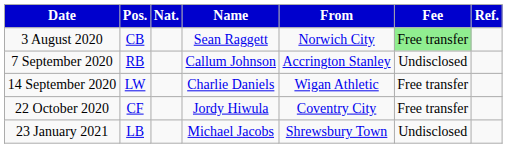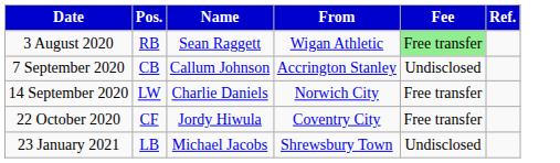 <table class="wikitable"  style="text-align:center; font-size:90%; ">
 <tr>
 <th style="background:mediumblue;color:white;">Date</th>
 <th style="background:mediumblue;color:white;">Pos.</th>
-<th style="background:mediumblue;color:white;">Nat.</th>
 <th style="background:mediumblue;color:white;">Name</th>
 <th style="background:mediumblue;color:white;">From</th>
 <th style="background:mediumblue;color:white;">Fee</th>
 <th style="background:mediumblue;color:white;">Ref.</th>
 </tr>
 <tr>
 <td>3 August 2020</td>
-<td><a href='#'>CB</a></td>
-<td></td>
+<td><a href='#'>RB</a></td>
 <td><a href='#'>Sean Raggett</a></td>
-<td> <a href='#'>Norwich City</a></td>
+<td> <a href='#'>Wigan Athletic</a></td>
 <td style="background: lightgreen;">Free transfer</td>
 <td></td>
 </tr>
 <tr>
 <td>7 September 2020</td>
-<td><a href='#'>RB</a></td>
-<td></td>
+<td><a href='#'>CB</a></td>
 <td><a href='#'>Callum Johnson</a></td>
 <td> <a href='#'>Accrington Stanley</a></td>
 <td>Undisclosed</td>
 <td></td>
 </tr>
 <tr>
 <td>14 September 2020</td>
 <td><a href='#'>LW</a></td>
-<td></td>
 <td><a href='#'>Charlie Daniels</a></td>
-<td> <a href='#'>Wigan Athletic</a></td>
+<td> <a href='#'>Norwich City</a></td>
 <td>Free transfer</td>
 <td></td>
 </tr>
 <tr>
 <td>22 October 2020</td>
 <td><a href='#'>CF</a></td>
-<td></td>
 <td><a href='#'>Jordy Hiwula</a></td>
 <td> <a href='#'>Coventry City</a></td>
 <td>Free transfer</td>
 <td></td>
 </tr>
 <tr>
 <td>23 January 2021</td>
 <td><a href='#'>LB</a></td>
-<td></td>
 <td><a href='#'>Michael Jacobs</a></td>
 <td> <a href='#'>Shrewsbury Town</a></td>
 <td>Undisclosed</td>
 <td></td>
 </tr>
 </table>
